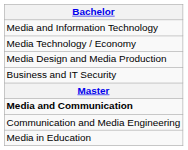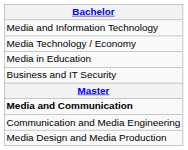 <table class="wikitable sortable">
 <tr class="backroundcolor5">
 <th><a href='#'>Bachelor</a></th>
 </tr>
 <tr>
 <td>Media and Information Technology</td>
 </tr>
 <tr>
 <td>Media Technology / Economy</td>
 </tr>
 <tr>
-<td>Media Design and Media Production</td>
+<td>Media in Education</td>
 </tr>
 <tr>
 <td>Business and IT Security</td>
 </tr>
 <tr>
 <th><a href='#'>Master</a></th>
 </tr>
 <tr>
 <td><strong>Media and Communication</strong></td>
 </tr>
 <tr>
 <td>Communication and Media Engineering</td>
 </tr>
 <tr>
-<td>Media in Education</td>
+<td>Media Design and Media Production</td>
 </tr>
 </table>
